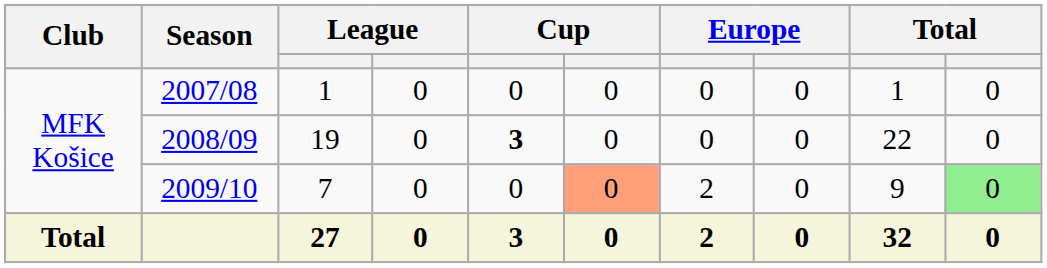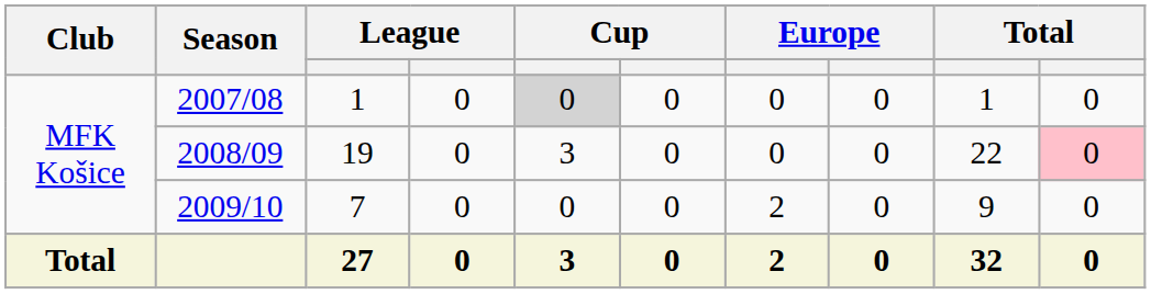 <table class="wikitable" align=center style="font-size:90%; text-align: center;">
 <tr>
 <th width=60 rowspan="2">Club</th>
 <th width=60 rowspan="2">Season</th>
 <th width=80 colspan="2">League</th>
 <th width=80 colspan="2">Cup</th>
 <th width=80 colspan="2"><a href='#'>Europe</a></th>
 <th width=80 colspan="2">Total</th>
 </tr>
 <tr align=center>
 <th width=40 App></th>
 <th width=40 abbr="Goals for"></th>
 <th width=40 App></th>
 <th width=40 abbr="Goals for"></th>
 <th width=40 App></th>
 <th width=40 abbr="Goals for"></th>
 <th width=40 App></th>
 <th width=40 abbr="Goals for"></th>
 </tr>
 <tr align=center>
 <td rowspan="3" valign=center><a href='#'>MFK Košice</a></td>
 <td><a href='#'>2007/08</a></td>
 <td>1</td>
 <td>0</td>
-<td>0</td>
+<td style="background: lightgrey;">0</td>
 <td>0</td>
 <td>0</td>
 <td>0</td>
 <td>1</td>
 <td>0</td>
 </tr>
 <tr align=center>
 <td><a href='#'>2008/09</a></td>
 <td>19</td>
 <td>0</td>
-<td><strong>3</strong></td>
+<td>3</td>
 <td>0</td>
 <td>0</td>
 <td>0</td>
 <td>22</td>
-<td>0</td>
+<td style="background: pink;">0</td>
 </tr>
 <tr align=center>
 <td><a href='#'>2009/10</a></td>
 <td>7</td>
 <td>0</td>
 <td>0</td>
-<td style="background: lightsalmon;">0</td>
+<td>0</td>
 <td>2</td>
 <td>0</td>
 <td>9</td>
-<td style="background: lightgreen;">0</td>
+<td>0</td>
 </tr>
 <tr align=center>
 <th align=left style="background:beige">Total</th>
 <th align=left style="background:beige"></th>
 <th align=left style="background:beige">27</th>
 <th align=left style="background:beige">0</th>
 <th align=left style="background:beige">3</th>
 <th align=left style="background:beige">0</th>
 <th align=left style="background:beige">2</th>
 <th align=left style="background:beige">0</th>
 <th align=left style="background:beige">32</th>
 <th align=left style="background:beige">0</th>
 </tr>
 </table>
